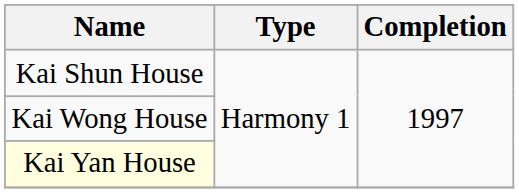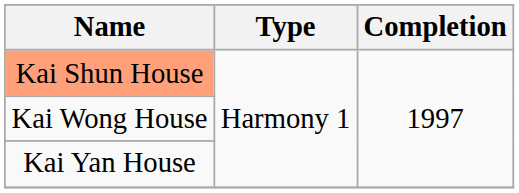 <table class="wikitable" style="text-align: center">
 <tr>
 <th>Name</th>
 <th>Type</th>
 <th>Completion</th>
 </tr>
 <tr>
-<td>Kai Shun House</td>
+<td style="background: lightsalmon;">Kai Shun House</td>
 <td rowspan="3">Harmony 1</td>
 <td rowspan="3">1997</td>
 </tr>
 <tr>
 <td>Kai Wong House</td>
 </tr>
 <tr>
-<td style="background: lightyellow;">Kai Yan House</td>
+<td>Kai Yan House</td>
 </tr>
 <tr>
 </tr>
 </table>
